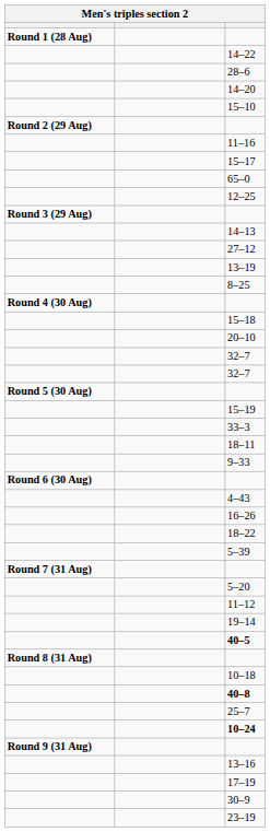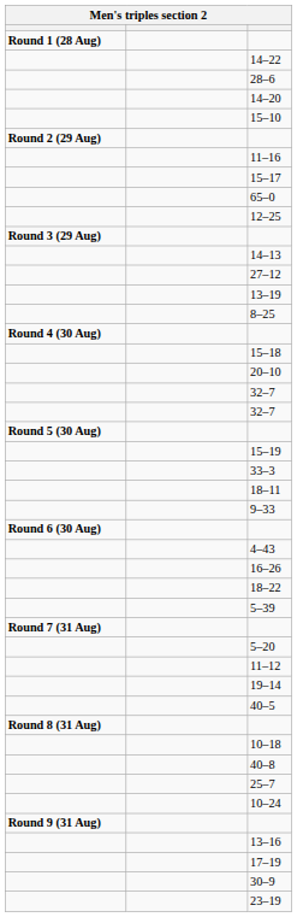 <table class="wikitable">
 <tr>
 <th colspan="3">Men's triples section 2</th>
 </tr>
 <tr>
 <th width=150></th>
 <th width=150></th>
 <th width=50></th>
 </tr>
 <tr>
 <td><strong>Round 1 (28 Aug)</strong></td>
 <td></td>
 <td></td>
 </tr>
 <tr>
 <td></td>
 <td></td>
 <td>14–22</td>
 </tr>
 <tr>
 <td></td>
 <td></td>
 <td>28–6</td>
 </tr>
 <tr>
 <td></td>
 <td></td>
 <td>14–20</td>
 </tr>
 <tr>
 <td></td>
 <td></td>
 <td>15–10</td>
 </tr>
 <tr>
 <td><strong>Round 2 (29 Aug)</strong></td>
 <td></td>
 <td></td>
 </tr>
 <tr>
 <td></td>
 <td></td>
 <td>11–16</td>
 </tr>
 <tr>
 <td></td>
 <td></td>
 <td>15–17</td>
 </tr>
 <tr>
 <td></td>
 <td></td>
 <td>65–0</td>
 </tr>
 <tr>
 <td></td>
 <td></td>
 <td>12–25</td>
 </tr>
 <tr>
 <td><strong>Round 3 (29 Aug)</strong></td>
 <td></td>
 <td></td>
 </tr>
 <tr>
 <td></td>
 <td></td>
 <td>14–13</td>
 </tr>
 <tr>
 <td></td>
 <td></td>
 <td>27–12</td>
 </tr>
 <tr>
 <td></td>
 <td></td>
 <td>13–19</td>
 </tr>
 <tr>
 <td></td>
 <td></td>
 <td>8–25</td>
 </tr>
 <tr>
 <td><strong>Round 4 (30 Aug)</strong></td>
 <td></td>
 <td></td>
 </tr>
 <tr>
 <td></td>
 <td></td>
 <td>15–18</td>
 </tr>
 <tr>
 <td></td>
 <td></td>
 <td>20–10</td>
 </tr>
 <tr>
 <td></td>
 <td></td>
 <td>32–7</td>
 </tr>
 <tr>
 <td></td>
 <td></td>
 <td>32–7</td>
 </tr>
 <tr>
 <td><strong>Round 5 (30 Aug)</strong></td>
 <td></td>
 <td></td>
 </tr>
 <tr>
 <td></td>
 <td></td>
 <td>15–19</td>
 </tr>
 <tr>
 <td></td>
 <td></td>
 <td>33–3</td>
 </tr>
 <tr>
 <td></td>
 <td></td>
 <td>18–11</td>
 </tr>
 <tr>
 <td></td>
 <td></td>
 <td>9–33</td>
 </tr>
 <tr>
 <td><strong>Round 6  (30 Aug)</strong></td>
 <td></td>
 <td></td>
 </tr>
 <tr>
 <td></td>
 <td></td>
 <td>4–43</td>
 </tr>
 <tr>
 <td></td>
 <td></td>
 <td>16–26</td>
 </tr>
 <tr>
 <td></td>
 <td></td>
 <td>18–22</td>
 </tr>
 <tr>
 <td></td>
 <td></td>
 <td>5–39</td>
 </tr>
 <tr>
 <td><strong>Round 7 (31 Aug)</strong></td>
 <td></td>
 <td></td>
 </tr>
 <tr>
 <td></td>
 <td></td>
 <td>5–20</td>
 </tr>
 <tr>
 <td></td>
 <td></td>
 <td>11–12</td>
 </tr>
 <tr>
 <td></td>
 <td></td>
 <td>19–14</td>
 </tr>
 <tr>
 <td></td>
 <td></td>
-<td><strong>40–5</strong></td>
+<td>40–5</td>
 </tr>
 <tr>
 <td><strong>Round 8 (31 Aug)</strong></td>
 <td></td>
 <td></td>
 </tr>
 <tr>
 <td></td>
 <td></td>
 <td>10–18</td>
 </tr>
 <tr>
 <td></td>
 <td></td>
-<td><strong>40–8</strong></td>
+<td>40–8</td>
 </tr>
 <tr>
 <td></td>
 <td></td>
 <td>25–7</td>
 </tr>
 <tr>
 <td></td>
 <td></td>
-<td><strong>10–24</strong></td>
+<td>10–24</td>
 </tr>
 <tr>
 <td><strong>Round 9 (31 Aug)</strong></td>
 <td></td>
 <td></td>
 </tr>
 <tr>
 <td></td>
 <td></td>
 <td>13–16</td>
 </tr>
 <tr>
 <td></td>
 <td></td>
 <td>17–19</td>
 </tr>
 <tr>
 <td></td>
 <td></td>
 <td>30–9</td>
 </tr>
 <tr>
 <td></td>
 <td></td>
 <td>23–19</td>
 </tr>
 </table>
